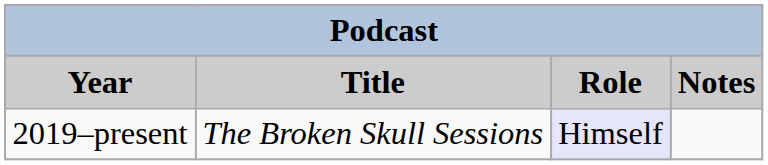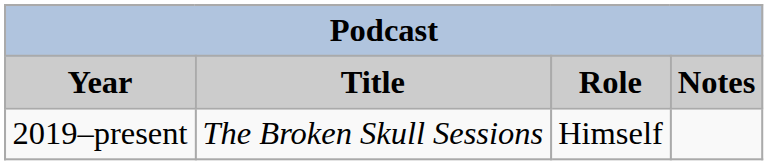 <table class="wikitable sortable">
 <tr style="text-align:center;">
 <th colspan=4 style="background:#B0C4DE;">Podcast</th>
 </tr>
 <tr style="text-align:center;">
 <th style="background:#ccc;">Year</th>
 <th style="background:#ccc;">Title</th>
 <th style="background:#ccc;">Role</th>
 <th style="background:#ccc;">Notes</th>
 </tr>
 <tr>
 <td>2019–present</td>
 <td><em>The Broken Skull Sessions</em></td>
-<td style="background: lavender;">Himself</td>
+<td>Himself</td>
 <td></td>
 </tr>
 </table>
